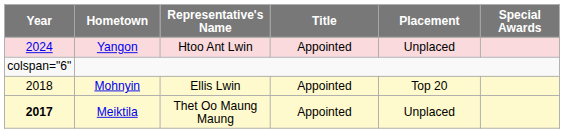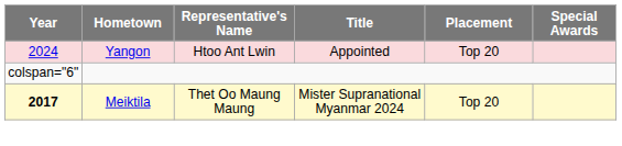 <table class="wikitable sortable" style="font-size: 83%; text-align:center">
 <tr>
 <th width="60" style="background-color:#787878;color:#FFFFFF;">Year</th>
 <th width="170" style="background-color:#787878;color:#FFFFFF;">Hometown</th>
 <th width="150" style="background-color:#787878;color:#FFFFFF;">Representative's Name</th>
 <th width="320" style="background-color:#787878;color:#FFFFFF;">Title</th>
 <th width="260" style="background-color:#787878;color:#FFFFFF;">Placement</th>
 <th width="210" style="background-color:#787878;color:#FFFFFF;">Special Awards</th>
 </tr>
 <tr style="background-color:#FADADD;">
 <td><a href='#'>2024</a></td>
 <td> <a href='#'>Yangon</a></td>
 <td>Htoo Ant Lwin</td>
 <td>Appointed</td>
-<td>Unplaced</td>
+<td>Top 20</td>
 <td style="background:;"></td>
 </tr>
 <tr>
 <td>colspan="6" </td>
 </tr>
 <tr style="background-color:#FFFACD;">
-<td>2018</td>
-<td> <a href='#'>Mohnyin</a></td>
-<td>Ellis Lwin</td>
-<td>Appointed</td>
-<td>Top 20</td>
-<td style="background:;"></td>
-</tr>
-<tr style="background-color:#FFFACD;">
 <td><strong>2017</strong></td>
 <td> <a href='#'>Meiktila</a></td>
 <td>Thet Oo Maung Maung</td>
-<td>Appointed</td>
-<td>Unplaced</td>
+<td>Mister Supranational Myanmar 2024</td>
+<td>Top 20</td>
 <td></td>
 </tr>
 </table>
